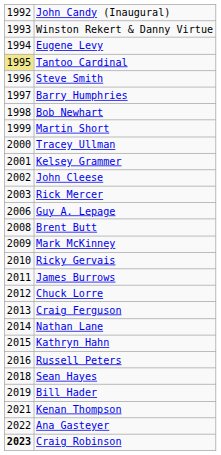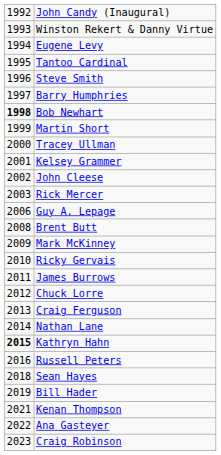 <table class="wikitable">
 <tr>
 <td>1992</td>
 <td><a href='#'>John Candy</a> (Inaugural)</td>
 </tr>
 <tr>
 <td>1993</td>
 <td>Winston Rekert & Danny Virtue</td>
 </tr>
 <tr>
 <td>1994</td>
 <td><a href='#'>Eugene Levy</a></td>
 </tr>
 <tr>
-<td style="background: khaki;">1995</td>
+<td>1995</td>
 <td><a href='#'>Tantoo Cardinal</a></td>
 </tr>
 <tr>
 <td>1996</td>
 <td><a href='#'>Steve Smith</a></td>
 </tr>
 <tr>
 <td>1997</td>
 <td><a href='#'>Barry Humphries</a></td>
 </tr>
 <tr>
-<td>1998</td>
+<td><strong>1998</strong></td>
 <td><a href='#'>Bob Newhart</a></td>
 </tr>
 <tr>
 <td>1999</td>
 <td><a href='#'>Martin Short</a></td>
 </tr>
 <tr>
 <td>2000</td>
 <td><a href='#'>Tracey Ullman</a></td>
 </tr>
 <tr>
 <td>2001</td>
 <td><a href='#'>Kelsey Grammer</a></td>
 </tr>
 <tr>
 <td>2002</td>
 <td><a href='#'>John Cleese</a></td>
 </tr>
 <tr>
 <td>2003</td>
 <td><a href='#'>Rick Mercer</a></td>
 </tr>
 <tr>
 <td>2006</td>
 <td><a href='#'>Guy A. Lepage</a></td>
 </tr>
 <tr>
 <td>2008</td>
 <td><a href='#'>Brent Butt</a></td>
 </tr>
 <tr>
 <td>2009</td>
 <td><a href='#'>Mark McKinney</a></td>
 </tr>
 <tr>
 <td>2010</td>
 <td><a href='#'>Ricky Gervais</a></td>
 </tr>
 <tr>
 <td>2011</td>
 <td><a href='#'>James Burrows</a></td>
 </tr>
 <tr>
 <td>2012</td>
 <td><a href='#'>Chuck Lorre</a></td>
 </tr>
 <tr>
 <td>2013</td>
 <td><a href='#'>Craig Ferguson</a></td>
 </tr>
 <tr>
 <td>2014</td>
 <td><a href='#'>Nathan Lane</a></td>
 </tr>
 <tr>
-<td>2015</td>
+<td><strong>2015</strong></td>
 <td><a href='#'>Kathryn Hahn</a></td>
 </tr>
 <tr>
 <td>2016</td>
 <td><a href='#'>Russell Peters</a></td>
 </tr>
 <tr>
 <td>2018</td>
 <td><a href='#'>Sean Hayes</a></td>
 </tr>
 <tr>
 <td>2019</td>
 <td><a href='#'>Bill Hader</a></td>
 </tr>
 <tr>
 <td>2021</td>
 <td><a href='#'>Kenan Thompson</a></td>
 </tr>
 <tr>
 <td>2022</td>
 <td><a href='#'>Ana Gasteyer</a></td>
 </tr>
 <tr>
-<td><strong>2023</strong></td>
+<td>2023</td>
 <td><a href='#'>Craig Robinson</a></td>
 </tr>
 </table>
